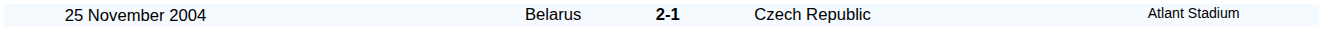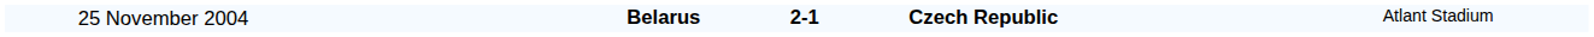 <table style="width: 100%; background:#F5FAFF;" cellspacing="0">
 <tr>
 <td align=center rowspan=3 width=20%>25 November 2004</td>
 </tr>
 <tr>
-<td width=24% align=right>Belarus </td>
+<td width=24% align=right><strong>Belarus </strong></td>
 <td align=center width=13%><strong>2-1</strong></td>
-<td width=24%> Czech Republic</td>
+<td width=24%><strong> Czech Republic</strong></td>
 <td style=font-size:85% rowspan=3 valign=top align=center>Atlant Stadium</td>
 </tr>
 <tr style=font-size:85%>
 <td align=right valign=top></td>
 <td></td>
 <td></td>
 </tr>
 </table>
